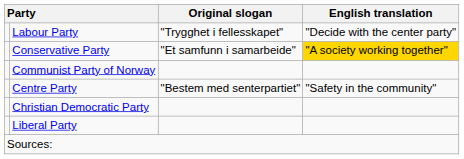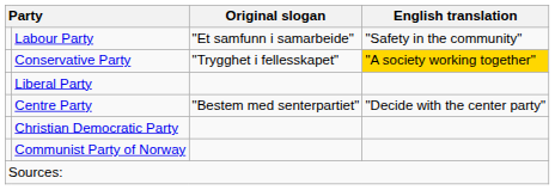 <table class="wikitable" style="font-size:97%; text-align:left">
 <tr>
 <th colspan="2" style="text-align:left;">Party</th>
 <th>Original slogan</th>
 <th>English translation</th>
 </tr>
 <tr>
 <td style="background:"></td>
 <td><a href='#'>Labour Party</a></td>
-<td>"Trygghet i fellesskapet"</td>
-<td>"Decide with the center party"</td>
+<td>"Et samfunn i samarbeide"</td>
+<td>"Safety in the community"</td>
 </tr>
 <tr>
 <td style="background:"></td>
 <td><a href='#'>Conservative Party</a></td>
-<td>"Et samfunn i samarbeide"</td>
+<td>"Trygghet i fellesskapet"</td>
 <td style="background: gold;">"A society working together"</td>
 </tr>
 <tr>
 <td style="background:"></td>
-<td><a href='#'>Communist Party of Norway</a></td>
+<td><a href='#'>Liberal Party</a></td>
 <td></td>
 <td></td>
 </tr>
 <tr>
 <td style="background:"></td>
 <td><a href='#'>Centre Party</a></td>
 <td>"Bestem med senterpartiet"</td>
-<td>"Safety in the community"</td>
+<td>"Decide with the center party"</td>
 </tr>
 <tr>
 <td style="background:"></td>
 <td><a href='#'>Christian Democratic Party</a></td>
 <td></td>
 <td></td>
 </tr>
 <tr>
 <td style="background:"></td>
-<td><a href='#'>Liberal Party</a></td>
+<td><a href='#'>Communist Party of Norway</a></td>
 <td></td>
 <td></td>
 </tr>
 <tr>
 <td colspan="4">Sources: </td>
 </tr>
 </table>
